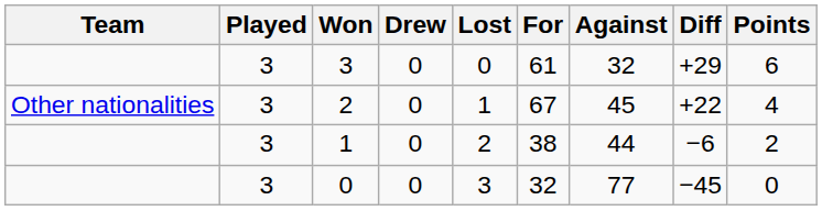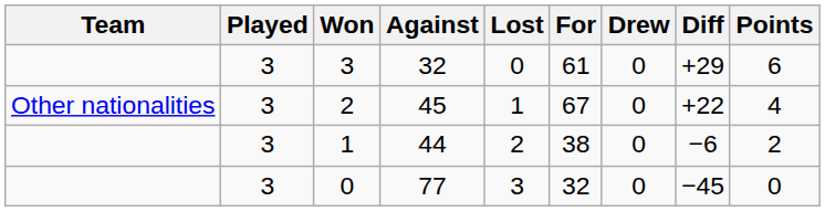 <table class="wikitable" style="text-align:center">
 <tr>
 <th>Team</th>
 <th>Played</th>
 <th>Won</th>
-<th>Drew</th>
+<th>Against</th>
 <th>Lost</th>
 <th>For</th>
-<th>Against</th>
+<th>Drew</th>
 <th>Diff</th>
 <th>Points</th>
 </tr>
 <tr>
 <td align=left></td>
 <td>3</td>
 <td>3</td>
-<td>0</td>
+<td>32</td>
 <td>0</td>
 <td>61</td>
-<td>32</td>
+<td>0</td>
 <td>+29</td>
 <td>6</td>
 </tr>
 <tr>
 <td align=left> <a href='#'>Other nationalities</a></td>
 <td>3</td>
 <td>2</td>
-<td>0</td>
+<td>45</td>
 <td>1</td>
 <td>67</td>
-<td>45</td>
+<td>0</td>
 <td>+22</td>
 <td>4</td>
 </tr>
 <tr>
 <td align=left></td>
 <td>3</td>
 <td>1</td>
-<td>0</td>
+<td>44</td>
 <td>2</td>
 <td>38</td>
-<td>44</td>
+<td>0</td>
 <td>−6</td>
 <td>2</td>
 </tr>
 <tr>
 <td align=left></td>
 <td>3</td>
 <td>0</td>
-<td>0</td>
+<td>77</td>
 <td>3</td>
 <td>32</td>
-<td>77</td>
+<td>0</td>
 <td>−45</td>
 <td>0</td>
 </tr>
 </table>
